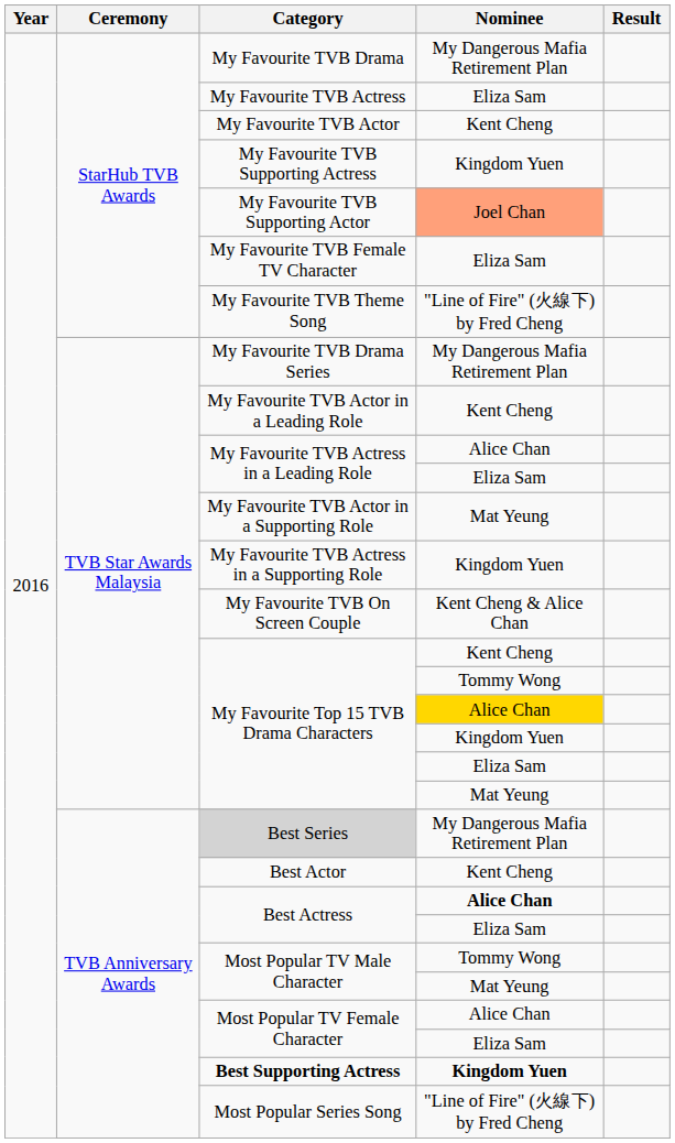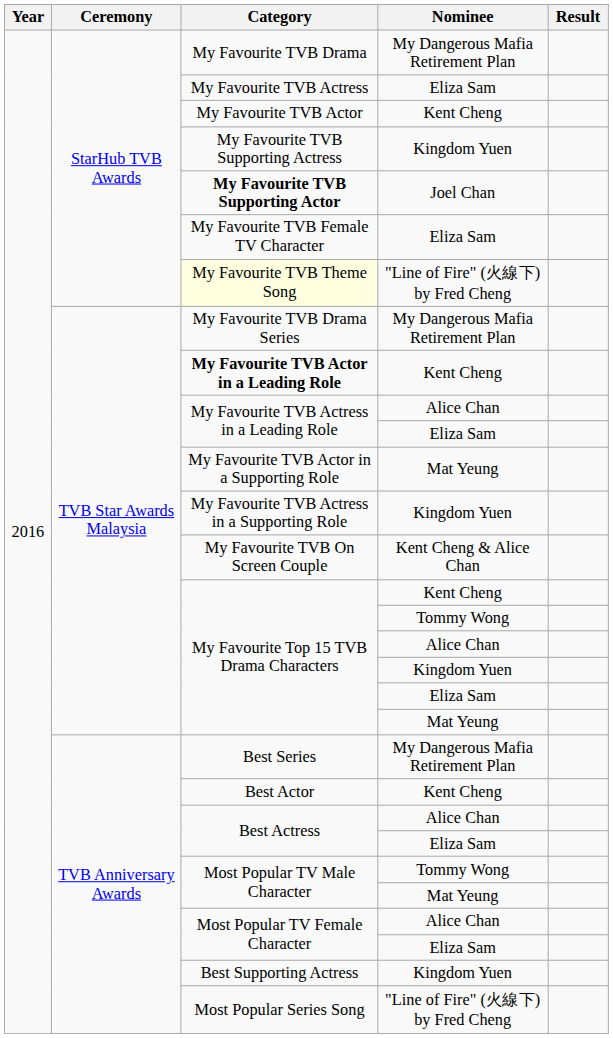 <table class="wikitable" style="width:95%;">
 <tr>
 <th style="width:45px;">Year</th>
 <th style="width:160px;">Ceremony</th>
 <th style="width:290px;">Category</th>
 <th style="width:245px;">Nominee</th>
 <th style="width:60px;">Result</th>
 </tr>
 <tr>
 <td align="center" rowspan=31>2016</td>
 <td align="center" rowspan=7><a href='#'>StarHub TVB Awards</a></td>
 <td align="center">My Favourite TVB Drama</td>
 <td align="center">My Dangerous Mafia Retirement Plan</td>
 <td></td>
 </tr>
 <tr>
 <td align="center">My Favourite TVB Actress</td>
 <td align="center">Eliza Sam</td>
 <td></td>
 </tr>
 <tr>
 <td align="center">My Favourite TVB Actor</td>
 <td align="center">Kent Cheng</td>
 <td></td>
 </tr>
 <tr>
 <td align="center">My Favourite TVB Supporting Actress</td>
 <td align="center">Kingdom Yuen</td>
 <td></td>
 </tr>
 <tr>
-<td align="center">My Favourite TVB Supporting Actor</td>
-<td align="center" style="background: lightsalmon;">Joel Chan</td>
+<td align="center"><strong>My Favourite TVB Supporting Actor</strong></td>
+<td align="center">Joel Chan</td>
 <td></td>
 </tr>
 <tr>
 <td align="center">My Favourite TVB Female TV Character</td>
 <td align="center">Eliza Sam</td>
 <td></td>
 </tr>
 <tr>
-<td align="center">My Favourite TVB Theme Song</td>
+<td align="center" style="background: lightyellow;">My Favourite TVB Theme Song</td>
 <td align="center">"Line of Fire" (火線下) by Fred Cheng</td>
 <td></td>
 </tr>
 <tr>
 <td align="center" rowspan=13><a href='#'>TVB Star Awards Malaysia</a></td>
 <td align="center">My Favourite TVB Drama Series</td>
 <td align="center">My Dangerous Mafia Retirement Plan</td>
 <td></td>
 </tr>
 <tr>
-<td align="center">My Favourite TVB Actor in a Leading Role</td>
+<td align="center"><strong>My Favourite TVB Actor in a Leading Role</strong></td>
 <td align="center">Kent Cheng</td>
 <td></td>
 </tr>
 <tr>
 <td rowspan=2 align="center">My Favourite TVB Actress in a Leading Role</td>
 <td align="center">Alice Chan</td>
 <td></td>
 </tr>
 <tr>
 <td align="center">Eliza Sam</td>
 <td></td>
 </tr>
 <tr>
 <td align="center">My Favourite TVB Actor in a Supporting Role</td>
 <td align="center">Mat Yeung</td>
 <td></td>
 </tr>
 <tr>
 <td align="center">My Favourite TVB Actress in a Supporting Role</td>
 <td align="center">Kingdom Yuen</td>
 <td></td>
 </tr>
 <tr>
 <td align="center">My Favourite TVB On Screen Couple</td>
 <td align="center">Kent Cheng & Alice Chan</td>
 <td></td>
 </tr>
 <tr>
 <td rowspan=6 align="center">My Favourite Top 15 TVB Drama Characters</td>
 <td align="center">Kent Cheng</td>
 <td></td>
 </tr>
 <tr>
 <td align="center">Tommy Wong</td>
 <td></td>
 </tr>
 <tr>
-<td align="center" style="background: gold;">Alice Chan</td>
+<td align="center">Alice Chan</td>
 <td></td>
 </tr>
 <tr>
 <td align="center">Kingdom Yuen</td>
 <td></td>
 </tr>
 <tr>
 <td align="center">Eliza Sam</td>
 <td></td>
 </tr>
 <tr>
 <td align="center">Mat Yeung</td>
 <td></td>
 </tr>
 <tr>
 <td align="center" rowspan=10><a href='#'>TVB Anniversary Awards</a></td>
-<td align="center" style="background: lightgrey;">Best Series</td>
+<td align="center">Best Series</td>
 <td align="center">My Dangerous Mafia Retirement Plan</td>
 <td></td>
 </tr>
 <tr>
 <td align="center">Best Actor</td>
 <td align="center">Kent Cheng</td>
 <td></td>
 </tr>
 <tr>
 <td rowspan=2 align="center">Best Actress</td>
-<td align="center"><strong>Alice Chan</strong></td>
+<td align="center">Alice Chan</td>
 <td></td>
 </tr>
 <tr>
 <td align="center">Eliza Sam</td>
 <td></td>
 </tr>
 <tr>
 <td rowspan=2 align="center">Most Popular TV Male Character</td>
 <td align="center">Tommy Wong</td>
 <td></td>
 </tr>
 <tr>
 <td align="center">Mat Yeung</td>
 <td></td>
 </tr>
 <tr>
 <td rowspan=2 align="center">Most Popular TV Female Character</td>
 <td align="center">Alice Chan</td>
 <td></td>
 </tr>
 <tr>
 <td align="center">Eliza Sam</td>
 <td></td>
 </tr>
 <tr>
-<td align="center"><strong>Best Supporting Actress</strong></td>
-<td align="center"><strong>Kingdom Yuen</strong></td>
+<td align="center">Best Supporting Actress</td>
+<td align="center">Kingdom Yuen</td>
 <td></td>
 </tr>
 <tr>
 <td align="center">Most Popular Series Song</td>
 <td align="center">"Line of Fire" (火線下) by Fred Cheng</td>
 <td></td>
 </tr>
 <tr>
 </tr>
 </table>
